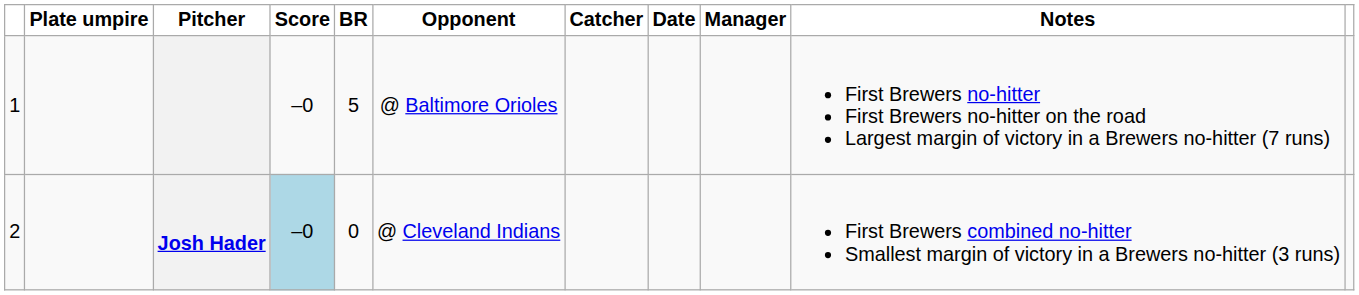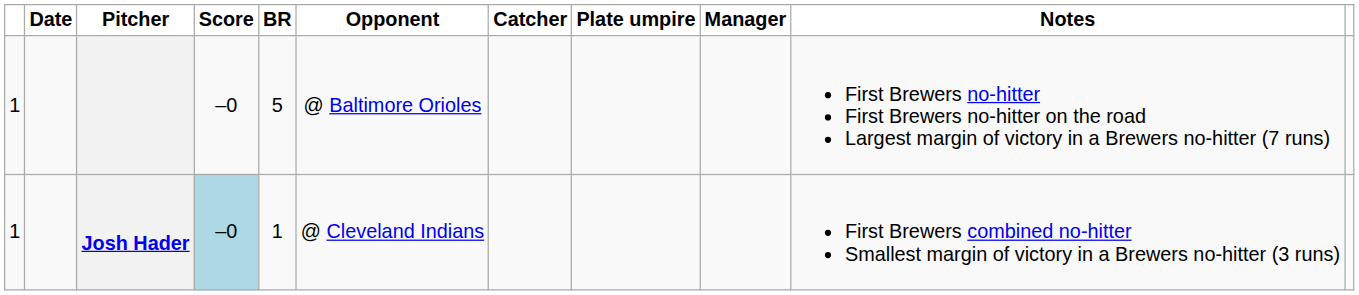 <table class="wikitable sortable plainrowheaders" style="text-align:center">
 <tr>
 <th scope="col" style="background-color:#ffffff; border-top:#"></th>
-<th scope="col" style="background-color:#ffffff; border-top:#">Plate umpire</th>
+<th scope="col" style="background-color:#ffffff; border-top:#">Date</th>
 <th scope="col" style="background-color:#ffffff; border-top:#">Pitcher</th>
 <th scope="col" style="background-color:#ffffff; border-top:#">Score</th>
 <th scope="col" style="background-color:#ffffff; border-top:#">BR</th>
 <th scope="col" style="background-color:#ffffff; border-top:#">Opponent</th>
 <th scope="col" style="background-color:#ffffff; border-top:#">Catcher</th>
-<th scope="col" style="background-color:#ffffff; border-top:#">Date</th>
+<th scope="col" style="background-color:#ffffff; border-top:#">Plate umpire</th>
 <th scope="col" style="background-color:#ffffff; border-top:#">Manager</th>
 <th scope="col" class="unsortable" style="background-color:#ffffff; border-top:#">Notes</th>
 <th scope="col" class="unsortable" style="background-color:#ffffff; border-top:#"></th>
 </tr>
 <tr>
 <td>1</td>
 <td></td>
 <th scope="row" style="text-align:center"></th>
 <td>–0</td>
 <td>5</td>
 <td>@ <a href='#'>Baltimore Orioles</a></td>
 <td></td>
 <td></td>
 <td></td>
 <td align="left"><br><ul><li>First Brewers <a href='#'>no-hitter</a></li><li>First Brewers no-hitter on the road</li><li>Largest margin of victory in a Brewers no-hitter (7 runs)</li></ul></td>
 <td></td>
 </tr>
 <tr>
-<td>2</td>
+<td>1</td>
 <td></td>
 <th scope="row" style="text-align:center"> <br><a href='#'>Josh Hader</a> </th>
 <td style="background: lightblue;">–0</td>
-<td>0</td>
+<td>1</td>
 <td>@ <a href='#'>Cleveland Indians</a></td>
 <td></td>
 <td></td>
 <td></td>
 <td align="left"><br><ul><li>First Brewers <a href='#'>combined no-hitter</a></li><li>Smallest margin of victory in a Brewers no-hitter (3 runs)</li></ul></td>
 <td></td>
 </tr>
 </table>
